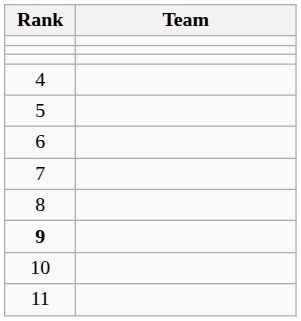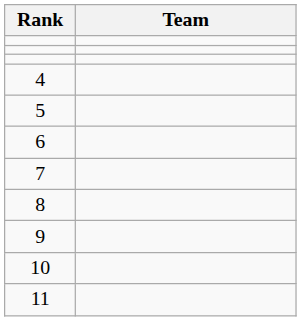 <table class="wikitable" style="text-align: center">
 <tr>
 <th width=50>Rank</th>
 <th width=170>Team</th>
 </tr>
 <tr>
 <td></td>
 <td align=left></td>
 </tr>
 <tr>
 <td></td>
 <td align=left></td>
 </tr>
 <tr>
 <td></td>
 <td align=left></td>
 </tr>
 <tr>
 <td>4</td>
 <td align=left></td>
 </tr>
 <tr>
 <td>5</td>
 <td align=left></td>
 </tr>
 <tr>
 <td>6</td>
 <td align=left></td>
 </tr>
 <tr>
 <td>7</td>
 <td align=left></td>
 </tr>
 <tr>
 <td>8</td>
 <td align=left></td>
 </tr>
 <tr>
-<td><strong>9</strong></td>
+<td>9</td>
 <td align=left></td>
 </tr>
 <tr>
 <td>10</td>
 <td align=left></td>
 </tr>
 <tr>
 <td>11</td>
 <td align=left></td>
 </tr>
 </table>
